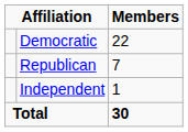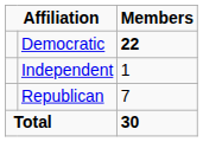 <table class="wikitable">
 <tr>
 <td colspan="2" rowspan="1" align="center" valign="top"><strong>Affiliation</strong></td>
 <td style="vertical-align:top;"><strong>Members</strong></td>
 </tr>
 <tr>
 <td style="background-color:"> </td>
 <td><a href='#'>Democratic</a></td>
-<td>22</td>
+<td><strong>22</strong></td>
+</tr>
+<tr>
+<td></td>
+<td><a href='#'>Independent</a></td>
+<td>1</td>
 </tr>
 <tr>
 <td style="background-color:"> </td>
 <td><a href='#'>Republican</a></td>
 <td>7</td>
 </tr>
 <tr>
-<td></td>
-<td><a href='#'>Independent</a></td>
-<td>1</td>
-</tr>
-<tr>
 <td colspan="2" rowspan="1"> <strong>Total</strong></td>
 <td><strong>30</strong></td>
 </tr>
 </table>
